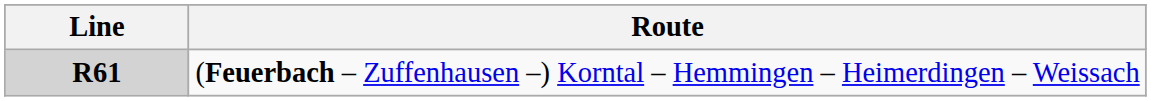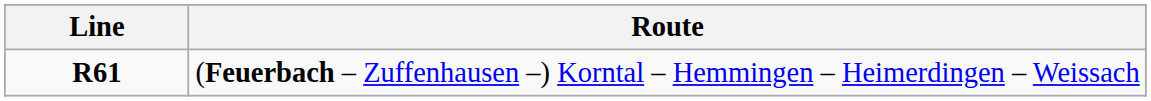 <table class="wikitable">
 <tr>
 <th style="width:6em">Line</th>
 <th>Route</th>
 </tr>
 <tr>
-<td align="center" style="background: lightgrey;"> <strong>R61</strong></td>
+<td align="center"> <strong>R61</strong></td>
 <td>(<strong>Feuerbach</strong> – <a href='#'>Zuffenhausen</a> –) <a href='#'>Korntal</a> – <a href='#'>Hemmingen</a> – <a href='#'>Heimerdingen</a> – <a href='#'>Weissach</a></td>
 </tr>
 </table>
